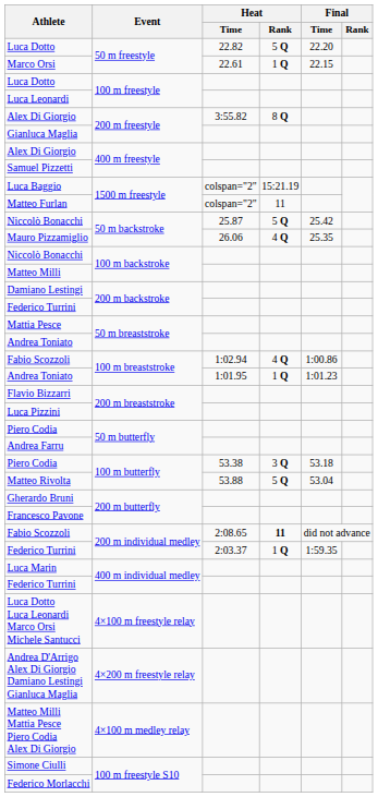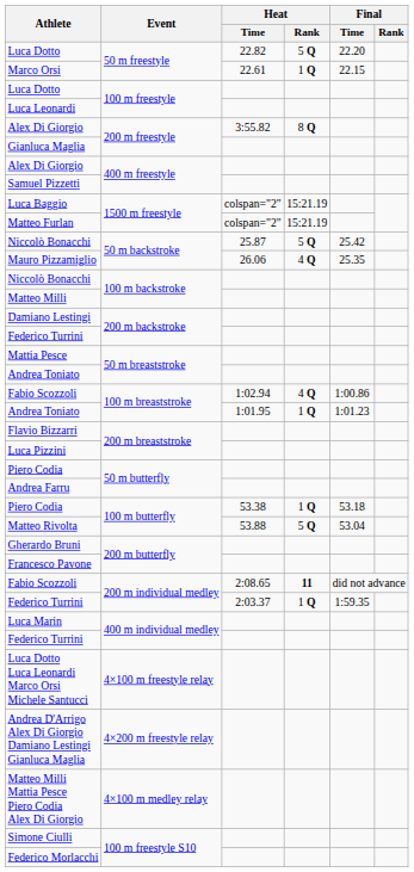 <table class=wikitable style="font-size:90%">
 <tr>
 <th rowspan="2">Athlete</th>
 <th rowspan="2">Event</th>
 <th colspan="2">Heat</th>
 <th colspan="2">Final</th>
 </tr>
 <tr style="font-size:95%">
 <th>Time</th>
 <th>Rank</th>
 <th>Time</th>
 <th>Rank</th>
 </tr>
 <tr align=center>
 <td align=left><a href='#'>Luca Dotto</a></td>
 <td align=left rowspan=2><a href='#'>50 m freestyle</a></td>
 <td>22.82</td>
 <td>5 <strong>Q</strong></td>
 <td>22.20</td>
 <td></td>
 </tr>
 <tr align=center>
 <td align=left><a href='#'>Marco Orsi</a></td>
 <td>22.61</td>
 <td>1 <strong>Q</strong></td>
 <td>22.15</td>
 <td></td>
 </tr>
 <tr align=center>
 <td align=left><a href='#'>Luca Dotto</a></td>
 <td align=left rowspan=2><a href='#'>100 m freestyle</a></td>
 <td></td>
 <td></td>
 <td></td>
 <td></td>
 </tr>
 <tr align=center>
 <td align=left><a href='#'>Luca Leonardi</a></td>
 <td></td>
 <td></td>
 <td></td>
 <td></td>
 </tr>
 <tr align=center>
 <td align=left><a href='#'>Alex Di Giorgio</a></td>
 <td align=left rowspan=2><a href='#'>200 m freestyle</a></td>
 <td>3:55.82</td>
 <td>8 <strong>Q</strong></td>
 <td></td>
 <td></td>
 </tr>
 <tr align=center>
 <td align=left><a href='#'>Gianluca Maglia</a></td>
 <td></td>
 <td></td>
 <td></td>
 <td></td>
 </tr>
 <tr align=center>
 <td align=left><a href='#'>Alex Di Giorgio</a></td>
 <td align=left rowspan=2><a href='#'>400 m freestyle</a></td>
 <td></td>
 <td></td>
 <td></td>
 <td></td>
 </tr>
 <tr align=center>
 <td align=left><a href='#'>Samuel Pizzetti</a></td>
 <td></td>
 <td></td>
 <td></td>
 <td></td>
 </tr>
 <tr align=center>
 <td align=left><a href='#'>Luca Baggio</a></td>
 <td align=left rowspan=2><a href='#'>1500 m freestyle</a></td>
 <td>colspan="2" </td>
 <td>15:21.19</td>
 <td></td>
 </tr>
 <tr align=center>
 <td align=left><a href='#'>Matteo Furlan</a></td>
 <td>colspan="2" </td>
-<td>11</td>
+<td>15:21.19</td>
 <td></td>
 </tr>
 <tr align=center>
 <td align=left><a href='#'>Niccolò Bonacchi</a></td>
 <td align=left rowspan=2><a href='#'>50 m backstroke</a></td>
 <td>25.87</td>
 <td>5 <strong>Q</strong></td>
 <td>25.42</td>
 <td></td>
 </tr>
 <tr align=center>
 <td align=left><a href='#'>Mauro Pizzamiglio</a></td>
 <td>26.06</td>
 <td>4 <strong>Q</strong></td>
 <td>25.35</td>
 <td></td>
 </tr>
 <tr align=center>
 <td align=left><a href='#'>Niccolò Bonacchi</a></td>
 <td align=left rowspan=2><a href='#'>100 m backstroke</a></td>
 <td></td>
 <td></td>
 <td></td>
 <td></td>
 </tr>
 <tr align=center>
 <td align=left><a href='#'>Matteo Milli</a></td>
 <td></td>
 <td></td>
 <td></td>
 <td></td>
 </tr>
 <tr align=center>
 <td align=left><a href='#'>Damiano Lestingi</a></td>
 <td align=left rowspan=2><a href='#'>200 m backstroke</a></td>
 <td></td>
 <td></td>
 <td></td>
 <td></td>
 </tr>
 <tr align=center>
 <td align=left><a href='#'>Federico Turrini</a></td>
 <td></td>
 <td></td>
 <td></td>
 <td></td>
 </tr>
 <tr align=center>
 <td align=left><a href='#'>Mattia Pesce</a></td>
 <td align=left rowspan=2><a href='#'>50 m breaststroke</a></td>
 <td></td>
 <td></td>
 <td></td>
 <td></td>
 </tr>
 <tr align=center>
 <td align=left><a href='#'>Andrea Toniato</a></td>
 <td></td>
 <td></td>
 <td></td>
 <td></td>
 </tr>
 <tr align=center>
 <td align=left><a href='#'>Fabio Scozzoli</a></td>
 <td align=left rowspan=2><a href='#'>100 m breaststroke</a></td>
 <td>1:02.94</td>
 <td>4 <strong>Q</strong></td>
 <td>1:00.86</td>
 <td></td>
 </tr>
 <tr align=center>
 <td align=left><a href='#'>Andrea Toniato</a></td>
 <td>1:01.95</td>
 <td>1 <strong>Q</strong></td>
 <td>1:01.23</td>
 <td></td>
 </tr>
 <tr align=center>
 <td align=left><a href='#'>Flavio Bizzarri</a></td>
 <td align=left rowspan=2><a href='#'>200 m breaststroke</a></td>
 <td></td>
 <td></td>
 <td></td>
 <td></td>
 </tr>
 <tr align=center>
 <td align=left><a href='#'>Luca Pizzini</a></td>
 <td></td>
 <td></td>
 <td></td>
 <td></td>
 </tr>
 <tr align=center>
 <td align=left><a href='#'>Piero Codia</a></td>
 <td align=left rowspan=2><a href='#'>50 m butterfly</a></td>
 <td></td>
 <td></td>
 <td></td>
 <td></td>
 </tr>
 <tr align=center>
 <td align=left><a href='#'>Andrea Farru</a></td>
 <td></td>
 <td></td>
 <td></td>
 <td></td>
 </tr>
 <tr align=center>
 <td align=left><a href='#'>Piero Codia</a></td>
 <td align=left rowspan=2><a href='#'>100 m butterfly</a></td>
 <td>53.38</td>
-<td>3 <strong>Q</strong></td>
+<td>1 <strong>Q</strong></td>
 <td>53.18</td>
 <td></td>
 </tr>
 <tr align=center>
 <td align=left><a href='#'>Matteo Rivolta</a></td>
 <td>53.88</td>
 <td>5 <strong>Q</strong></td>
 <td>53.04</td>
 <td></td>
 </tr>
 <tr align=center>
 <td align=left><a href='#'>Gherardo Bruni</a></td>
 <td align=left rowspan=2><a href='#'>200 m butterfly</a></td>
 <td></td>
 <td></td>
 <td></td>
 <td></td>
 </tr>
 <tr align=center>
 <td align=left><a href='#'>Francesco Pavone</a></td>
 <td></td>
 <td></td>
 <td></td>
 <td></td>
 </tr>
 <tr align=center>
 <td align=left><a href='#'>Fabio Scozzoli</a></td>
 <td align=left rowspan=2><a href='#'>200 m individual medley</a></td>
 <td>2:08.65</td>
 <td><strong>11</strong></td>
 <td colspan="2">did not advance</td>
 </tr>
 <tr align=center>
 <td align=left><a href='#'>Federico Turrini</a></td>
 <td>2:03.37</td>
 <td>1 <strong>Q</strong></td>
 <td>1:59.35</td>
 <td></td>
 </tr>
 <tr align=center>
 <td align=left><a href='#'>Luca Marin</a></td>
 <td align=left rowspan=2><a href='#'>400 m individual medley</a></td>
 <td></td>
 <td></td>
 <td></td>
 <td></td>
 </tr>
 <tr align=center>
 <td align=left><a href='#'>Federico Turrini</a></td>
 <td></td>
 <td></td>
 <td></td>
 <td></td>
 </tr>
 <tr align=center>
 <td align=left><a href='#'>Luca Dotto</a><br><a href='#'>Luca Leonardi</a><br><a href='#'>Marco Orsi</a><br><a href='#'>Michele Santucci</a></td>
 <td align=left><a href='#'>4×100 m freestyle relay</a></td>
 <td></td>
 <td></td>
 <td></td>
 <td></td>
 </tr>
 <tr align=center>
 <td align=left><a href='#'>Andrea D'Arrigo</a><br><a href='#'>Alex Di Giorgio</a><br><a href='#'>Damiano Lestingi</a><br><a href='#'>Gianluca Maglia</a></td>
 <td align=left><a href='#'>4×200 m freestyle relay</a></td>
 <td></td>
 <td></td>
 <td></td>
 <td></td>
 </tr>
 <tr align=center>
 <td align=left><a href='#'>Matteo Milli</a><br><a href='#'>Mattia Pesce</a><br><a href='#'>Piero Codia</a><br><a href='#'>Alex Di Giorgio</a></td>
 <td align=left><a href='#'>4×100 m medley relay</a></td>
 <td></td>
 <td></td>
 <td></td>
 <td></td>
 </tr>
 <tr align=center>
 <td align=left><a href='#'>Simone Ciulli</a></td>
 <td align=left rowspan=2><a href='#'>100 m freestyle S10</a></td>
 <td></td>
 <td></td>
 <td></td>
 <td></td>
 </tr>
 <tr align=center>
 <td align=left><a href='#'>Federico Morlacchi</a></td>
 <td></td>
 <td></td>
 <td></td>
 <td></td>
 </tr>
 </table>
